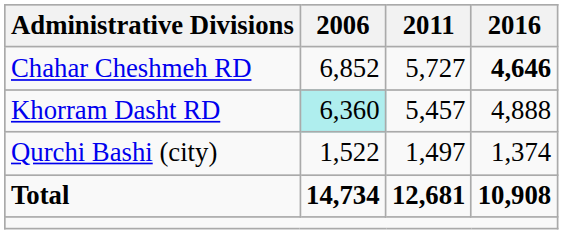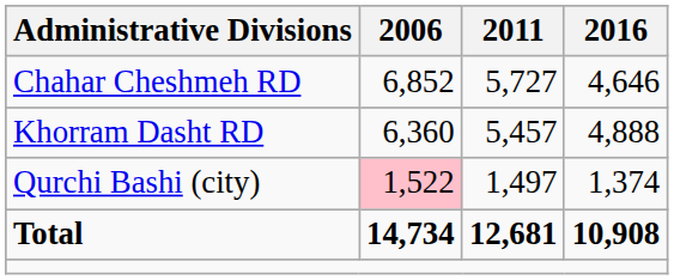 <table class="wikitable">
 <tr>
 <th>Administrative Divisions</th>
 <th>2006</th>
 <th>2011</th>
 <th>2016</th>
 </tr>
 <tr>
 <td><a href='#'>Chahar Cheshmeh RD</a></td>
 <td style="text-align: right;">6,852</td>
 <td style="text-align: right;">5,727</td>
-<td style="text-align: right;"><strong>4,646</strong></td>
+<td style="text-align: right;">4,646</td>
 </tr>
 <tr>
 <td><a href='#'>Khorram Dasht RD</a></td>
-<td style="background: paleturquoise; text-align: right;">6,360</td>
+<td style="text-align: right;">6,360</td>
 <td style="text-align: right;">5,457</td>
 <td style="text-align: right;">4,888</td>
 </tr>
 <tr>
 <td><a href='#'>Qurchi Bashi</a> (city)</td>
-<td style="text-align: right;">1,522</td>
+<td style="background: pink; text-align: right;">1,522</td>
 <td style="text-align: right;">1,497</td>
 <td style="text-align: right;">1,374</td>
 </tr>
 <tr>
 <td><strong>Total</strong></td>
 <td style="text-align: right;"><strong>14,734</strong></td>
 <td style="text-align: right;"><strong>12,681</strong></td>
 <td style="text-align: right;"><strong>10,908</strong></td>
 </tr>
 <tr>
 <td colspan=4></td>
 </tr>
 </table>
